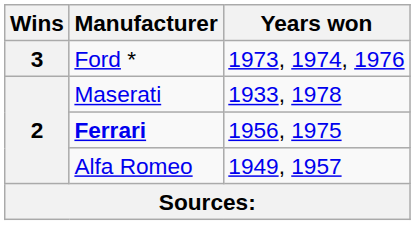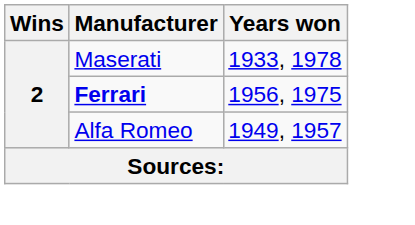 <table class="wikitable" style="font-size: 95%;">
 <tr>
 <th>Wins</th>
 <th>Manufacturer</th>
 <th>Years won</th>
-</tr>
-<tr>
-<th>3</th>
-<td> <a href='#'>Ford</a> *</td>
-<td><a href='#'>1973</a>, <a href='#'>1974</a>, <a href='#'>1976</a></td>
 </tr>
 <tr>
 <th rowspan="3">2</th>
 <td> <a href='#'>Maserati</a></td>
 <td><span><a href='#'>1933</a></span>, <a href='#'>1978</a></td>
 </tr>
 <tr>
 <td><strong> <a href='#'>Ferrari</a></strong></td>
 <td><span><a href='#'>1956</a></span>, <a href='#'>1975</a></td>
 </tr>
 <tr>
 <td> <a href='#'>Alfa Romeo</a></td>
 <td><span><a href='#'>1949</a>, <a href='#'>1957</a></span></td>
 </tr>
 <tr>
 <th colspan="3">Sources:</th>
 </tr>
 </table>
